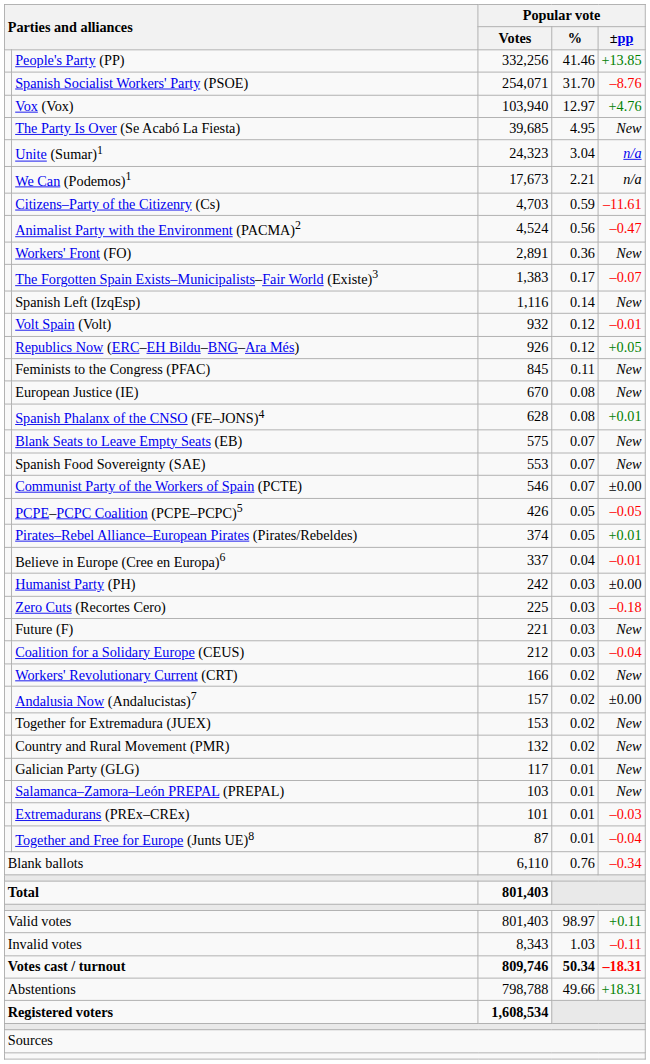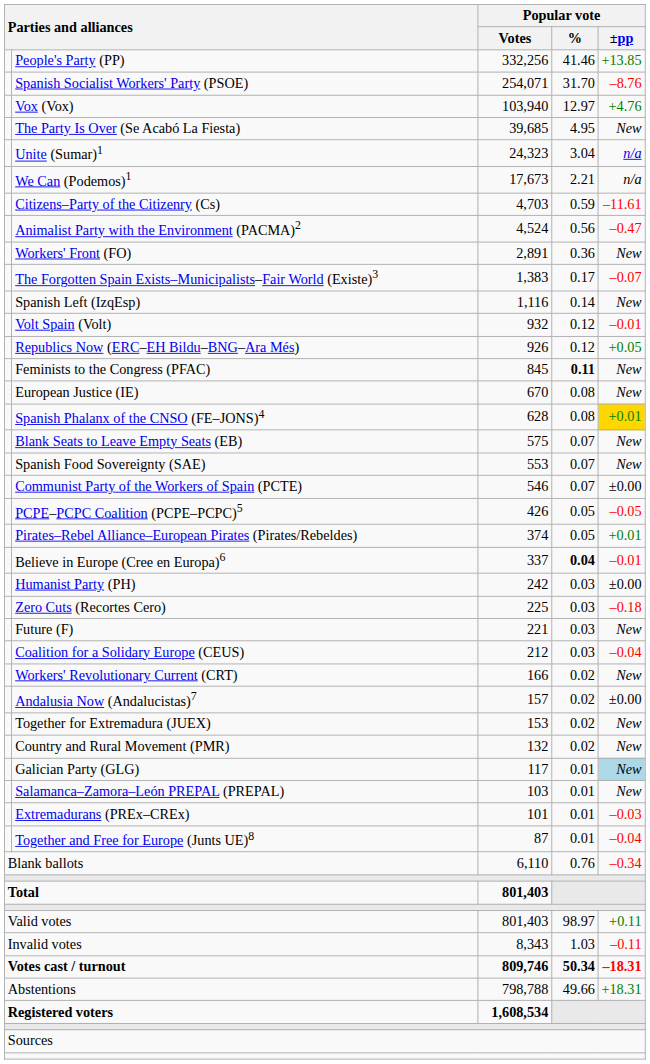 <table class="wikitable" style="text-align:right;">
 <tr>
 <th style="text-align:left;" rowspan="2" colspan="2" width="525">Parties and alliances</th>
 <th colspan="3">Popular vote</th>
 </tr>
 <tr bgcolor="#E9E9E9" align="center">
 <th width="75">Votes</th>
 <th width="45">%</th>
 <th width="45">±<a href='#'>pp</a></th>
 </tr>
 <tr>
 <td width="1" style="color:inherit;background:"></td>
 <td align="left"><a href='#'>People's Party</a> (PP)</td>
 <td>332,256</td>
 <td>41.46</td>
 <td style="color:green;">+13.85</td>
 </tr>
 <tr>
 <td style="color:inherit;background:"></td>
 <td align="left"><a href='#'>Spanish Socialist Workers' Party</a> (PSOE)</td>
 <td>254,071</td>
 <td>31.70</td>
 <td style="color:red;">–8.76</td>
 </tr>
 <tr>
 <td style="color:inherit;background:"></td>
 <td align="left"><a href='#'>Vox</a> (Vox)</td>
 <td>103,940</td>
 <td>12.97</td>
 <td style="color:green;">+4.76</td>
 </tr>
 <tr>
 <td style="color:inherit;background:"></td>
 <td align="left"><a href='#'>The Party Is Over</a> (Se Acabó La Fiesta)</td>
 <td>39,685</td>
 <td>4.95</td>
 <td><em>New</em></td>
 </tr>
 <tr>
 <td style="color:inherit;background:"></td>
 <td align="left"><a href='#'>Unite</a> (Sumar)<sup>1</sup></td>
 <td>24,323</td>
 <td>3.04</td>
 <td><em><a href='#'>n/a</a></em></td>
 </tr>
 <tr>
 <td style="color:inherit;background:"></td>
 <td align="left"><a href='#'>We Can</a> (Podemos)<sup>1</sup></td>
 <td>17,673</td>
 <td>2.21</td>
 <td><em>n/a</em></td>
 </tr>
 <tr>
 <td style="color:inherit;background:"></td>
 <td align="left"><a href='#'>Citizens–Party of the Citizenry</a> (Cs)</td>
 <td>4,703</td>
 <td>0.59</td>
 <td style="color:red;">–11.61</td>
 </tr>
 <tr>
 <td style="color:inherit;background:"></td>
 <td align="left"><a href='#'>Animalist Party with the Environment</a> (PACMA)<sup>2</sup></td>
 <td>4,524</td>
 <td>0.56</td>
 <td style="color:red;">–0.47</td>
 </tr>
 <tr>
 <td style="color:inherit;background:"></td>
 <td align="left"><a href='#'>Workers' Front</a> (FO)</td>
 <td>2,891</td>
 <td>0.36</td>
 <td><em>New</em></td>
 </tr>
 <tr>
 <td style="color:inherit;background:"></td>
 <td align="left"><a href='#'>The Forgotten Spain Exists–Municipalists</a>–<a href='#'>Fair World</a> (Existe)<sup>3</sup></td>
 <td>1,383</td>
 <td>0.17</td>
 <td style="color:red;">–0.07</td>
 </tr>
 <tr>
 <td style="color:inherit;background:"></td>
 <td align="left">Spanish Left (IzqEsp)</td>
 <td>1,116</td>
 <td>0.14</td>
 <td><em>New</em></td>
 </tr>
 <tr>
 <td style="color:inherit;background:"></td>
 <td align="left"><a href='#'>Volt Spain</a> (Volt)</td>
 <td>932</td>
 <td>0.12</td>
 <td style="color:red;">–0.01</td>
 </tr>
 <tr>
 <td style="color:inherit;background:"></td>
 <td align="left"><a href='#'>Republics Now</a> (<a href='#'>ERC</a>–<a href='#'>EH Bildu</a>–<a href='#'>BNG</a>–<a href='#'>Ara Més</a>)</td>
 <td>926</td>
 <td>0.12</td>
 <td style="color:green;">+0.05</td>
 </tr>
 <tr>
 <td style="color:inherit;background:"></td>
 <td align="left">Feminists to the Congress (PFAC)</td>
 <td>845</td>
-<td>0.11</td>
+<td><strong>0.11</strong></td>
 <td><em>New</em></td>
 </tr>
 <tr>
 <td style="color:inherit;background:"></td>
 <td align="left">European Justice (IE)</td>
 <td>670</td>
 <td>0.08</td>
 <td><em>New</em></td>
 </tr>
 <tr>
 <td style="color:inherit;background:"></td>
 <td align="left"><a href='#'>Spanish Phalanx of the CNSO</a> (FE–JONS)<sup>4</sup></td>
 <td>628</td>
 <td>0.08</td>
-<td style="color:green;">+0.01</td>
+<td style="background: gold; color:green;">+0.01</td>
 </tr>
 <tr>
 <td style="color:inherit;background:"></td>
 <td align="left"><a href='#'>Blank Seats to Leave Empty Seats</a> (EB)</td>
 <td>575</td>
 <td>0.07</td>
 <td><em>New</em></td>
 </tr>
 <tr>
 <td style="color:inherit;background:"></td>
 <td align="left">Spanish Food Sovereignty (SAE)</td>
 <td>553</td>
 <td>0.07</td>
 <td><em>New</em></td>
 </tr>
 <tr>
 <td style="color:inherit;background:"></td>
 <td align="left"><a href='#'>Communist Party of the Workers of Spain</a> (PCTE)</td>
 <td>546</td>
 <td>0.07</td>
 <td>±0.00</td>
 </tr>
 <tr>
 <td style="color:inherit;background:"></td>
 <td align="left"><a href='#'>PCPE</a>–<a href='#'>PCPC Coalition</a> (PCPE–PCPC)<sup>5</sup></td>
 <td>426</td>
 <td>0.05</td>
 <td style="color:red;">–0.05</td>
 </tr>
 <tr>
 <td style="color:inherit;background:"></td>
 <td align="left"><a href='#'>Pirates–Rebel Alliance–European Pirates</a> (Pirates/Rebeldes)</td>
 <td>374</td>
 <td>0.05</td>
 <td style="color:green;">+0.01</td>
 </tr>
 <tr>
 <td style="color:inherit;background:"></td>
 <td align="left">Believe in Europe (Cree en Europa)<sup>6</sup></td>
 <td>337</td>
-<td>0.04</td>
+<td><strong>0.04</strong></td>
 <td style="color:red;">–0.01</td>
 </tr>
 <tr>
 <td style="color:inherit;background:"></td>
 <td align="left"><a href='#'>Humanist Party</a> (PH)</td>
 <td>242</td>
 <td>0.03</td>
 <td>±0.00</td>
 </tr>
 <tr>
 <td style="color:inherit;background:"></td>
 <td align="left"><a href='#'>Zero Cuts</a> (Recortes Cero)</td>
 <td>225</td>
 <td>0.03</td>
 <td style="color:red;">–0.18</td>
 </tr>
 <tr>
 <td style="color:inherit;background:"></td>
 <td align="left">Future (F)</td>
 <td>221</td>
 <td>0.03</td>
 <td><em>New</em></td>
 </tr>
 <tr>
 <td style="color:inherit;background:"></td>
 <td align="left"><a href='#'>Coalition for a Solidary Europe</a> (CEUS)</td>
 <td>212</td>
 <td>0.03</td>
 <td style="color:red;">–0.04</td>
 </tr>
 <tr>
 <td style="color:inherit;background:"></td>
 <td align="left"><a href='#'>Workers' Revolutionary Current</a> (CRT)</td>
 <td>166</td>
 <td>0.02</td>
 <td><em>New</em></td>
 </tr>
 <tr>
 <td style="color:inherit;background:"></td>
 <td align="left"><a href='#'>Andalusia Now</a> (Andalucistas)<sup>7</sup></td>
 <td>157</td>
 <td>0.02</td>
 <td>±0.00</td>
 </tr>
 <tr>
 <td style="color:inherit;background:"></td>
 <td align="left">Together for Extremadura (JUEX)</td>
 <td>153</td>
 <td>0.02</td>
 <td><em>New</em></td>
 </tr>
 <tr>
 <td style="color:inherit;background:"></td>
 <td align="left">Country and Rural Movement (PMR)</td>
 <td>132</td>
 <td>0.02</td>
 <td><em>New</em></td>
 </tr>
 <tr>
 <td style="color:inherit;background:"></td>
 <td align="left">Galician Party (GLG)</td>
 <td>117</td>
 <td>0.01</td>
-<td><em>New</em></td>
+<td style="background: lightblue;"><em>New</em></td>
 </tr>
 <tr>
 <td style="color:inherit;background:"></td>
 <td align="left"><a href='#'>Salamanca–Zamora–León PREPAL</a> (PREPAL)</td>
 <td>103</td>
 <td>0.01</td>
 <td><em>New</em></td>
 </tr>
 <tr>
 <td style="color:inherit;background:"></td>
 <td align="left"><a href='#'>Extremadurans</a> (PREx–CREx)</td>
 <td>101</td>
 <td>0.01</td>
 <td style="color:red;">–0.03</td>
 </tr>
 <tr>
 <td style="color:inherit;background:"></td>
 <td align="left"><a href='#'>Together and Free for Europe</a> (Junts UE)<sup>8</sup></td>
 <td>87</td>
 <td>0.01</td>
 <td style="color:red;">–0.04</td>
 </tr>
 <tr>
 <td align="left" colspan="2">Blank ballots</td>
 <td>6,110</td>
 <td>0.76</td>
 <td style="color:red;">–0.34</td>
 </tr>
 <tr>
 <td colspan="5" bgcolor="#E9E9E9"></td>
 </tr>
 <tr style="font-weight:bold;">
 <td align="left" colspan="2">Total</td>
 <td>801,403</td>
 <td bgcolor="#E9E9E9" colspan="2"></td>
 </tr>
 <tr>
 <td colspan="5" bgcolor="#E9E9E9"></td>
 </tr>
 <tr>
 <td align="left" colspan="2">Valid votes</td>
 <td>801,403</td>
 <td>98.97</td>
 <td style="color:green;">+0.11</td>
 </tr>
 <tr>
 <td align="left" colspan="2">Invalid votes</td>
 <td>8,343</td>
 <td>1.03</td>
 <td style="color:red;">–0.11</td>
 </tr>
 <tr style="font-weight:bold;">
 <td align="left" colspan="2">Votes cast / turnout</td>
 <td>809,746</td>
 <td>50.34</td>
 <td style="color:red;">–18.31</td>
 </tr>
 <tr>
 <td align="left" colspan="2">Abstentions</td>
 <td>798,788</td>
 <td>49.66</td>
 <td style="color:green;">+18.31</td>
 </tr>
 <tr style="font-weight:bold;">
 <td align="left" colspan="2">Registered voters</td>
 <td>1,608,534</td>
 <td bgcolor="#E9E9E9" colspan="2"></td>
 </tr>
 <tr>
 <td colspan="5" bgcolor="#E9E9E9"></td>
 </tr>
 <tr>
 <td align="left" colspan="5">Sources</td>
 </tr>
 <tr>
 <td colspan="5" style="text-align:left; max-width:790px;"></td>
 </tr>
 </table>
